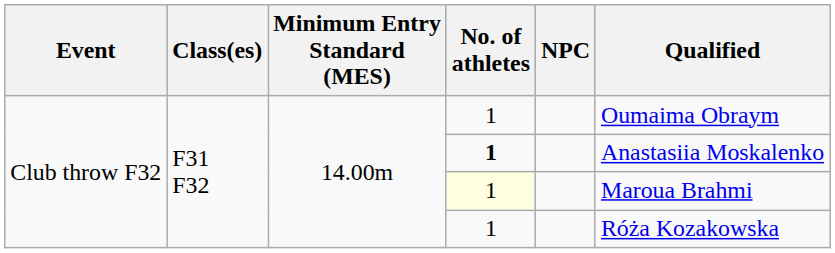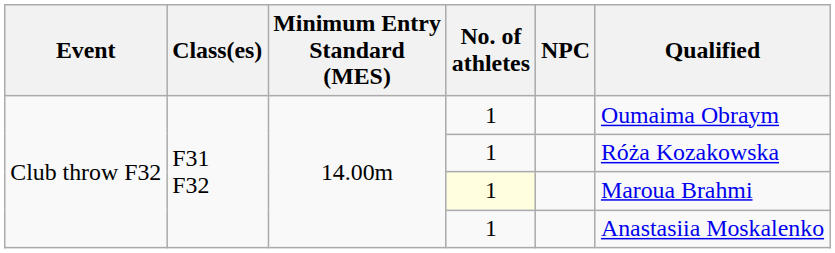 <table class="wikitable">
 <tr>
 <th>Event</th>
 <th>Class(es)</th>
 <th>Minimum Entry<br>Standard<br>(MES)</th>
 <th>No. of<br>athletes</th>
 <th>NPC</th>
 <th>Qualified</th>
 </tr>
 <tr>
 <td rowspan=4>Club throw F32</td>
 <td rowspan=4>F31<br>F32</td>
 <td rowspan=4 align=center>14.00m</td>
 <td align=center>1</td>
 <td></td>
 <td><a href='#'>Oumaima Obraym</a></td>
 </tr>
 <tr>
-<td align=center><strong>1</strong></td>
+<td align=center>1</td>
 <td></td>
-<td><a href='#'>Anastasiia Moskalenko</a></td>
+<td><a href='#'>Róża Kozakowska</a></td>
 </tr>
 <tr>
 <td align=center style="background: lightyellow;">1</td>
 <td></td>
 <td><a href='#'>Maroua Brahmi</a></td>
 </tr>
 <tr>
 <td align=center>1</td>
 <td></td>
-<td><a href='#'>Róża Kozakowska</a></td>
+<td><a href='#'>Anastasiia Moskalenko</a></td>
 </tr>
 </table>
